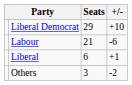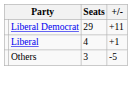 <table class="wikitable">
 <tr>
 <th colspan="2">Party</th>
 <th>Seats</th>
 <th> +/- </th>
 </tr>
 <tr>
 <td style="background-color: "></td>
 <td><a href='#'>Liberal Democrat</a></td>
 <td>29</td>
-<td>+10</td>
-</tr>
-<tr>
-<td style="background-color: "></td>
-<td><a href='#'>Labour</a></td>
-<td>21</td>
-<td>-6</td>
+<td>+11</td>
 </tr>
 <tr>
 <td style="background-color: "></td>
 <td><a href='#'>Liberal</a></td>
-<td>6</td>
+<td>4</td>
 <td>+1</td>
 </tr>
 <tr>
 <td style="background-color: "></td>
 <td>Others</td>
 <td>3</td>
-<td>-2</td>
+<td>-5</td>
 </tr>
 </table>
